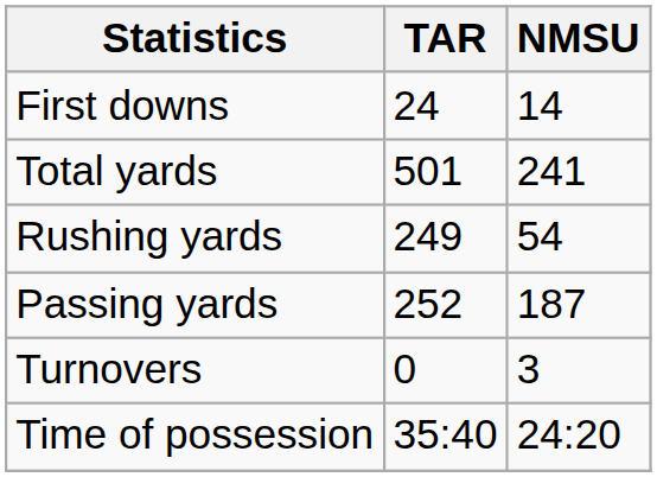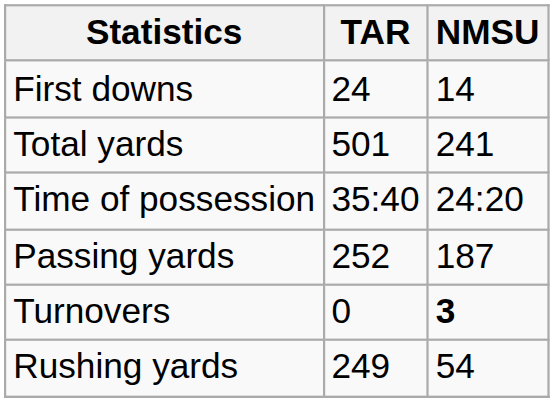 <table class="wikitable" style="float: left;">
 <tr>
 <th>Statistics</th>
 <th>TAR</th>
 <th>NMSU</th>
 </tr>
 <tr>
 <td>First downs</td>
 <td>24</td>
 <td>14</td>
 </tr>
 <tr>
 <td>Total yards</td>
 <td>501</td>
 <td>241</td>
 </tr>
 <tr>
-<td>Rushing yards</td>
-<td>249</td>
-<td>54</td>
+<td>Time of possession</td>
+<td>35:40</td>
+<td>24:20</td>
 </tr>
 <tr>
 <td>Passing yards</td>
 <td>252</td>
 <td>187</td>
 </tr>
 <tr>
 <td>Turnovers</td>
 <td>0</td>
-<td>3</td>
+<td><strong>3</strong></td>
 </tr>
 <tr>
-<td>Time of possession</td>
-<td>35:40</td>
-<td>24:20</td>
+<td>Rushing yards</td>
+<td>249</td>
+<td>54</td>
 </tr>
 <tr>
 </tr>
 </table>
